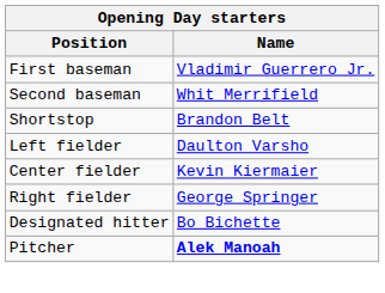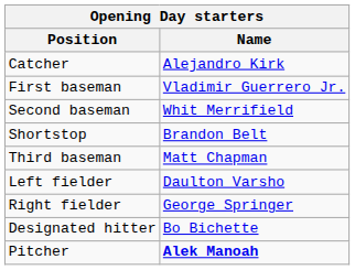 <table class="wikitable" style="text-align:left">
 <tr>
 <th colspan="2">Opening Day starters</th>
 </tr>
 <tr>
 <th>Position</th>
 <th>Name</th>
+</tr>
+<tr>
+<td>Catcher</td>
+<td><a href='#'>Alejandro Kirk</a></td>
 </tr>
 <tr>
 <td>First baseman</td>
 <td><a href='#'>Vladimir Guerrero Jr.</a></td>
 </tr>
 <tr>
 <td>Second baseman</td>
 <td><a href='#'>Whit Merrifield</a></td>
 </tr>
 <tr>
 <td>Shortstop</td>
 <td><a href='#'>Brandon Belt</a></td>
 </tr>
 <tr>
+<td>Third baseman</td>
+<td><a href='#'>Matt Chapman</a></td>
+</tr>
+<tr>
 <td>Left fielder</td>
 <td><a href='#'>Daulton Varsho</a></td>
-</tr>
-<tr>
-<td>Center fielder</td>
-<td><a href='#'>Kevin Kiermaier</a></td>
 </tr>
 <tr>
 <td>Right fielder</td>
 <td><a href='#'>George Springer</a></td>
 </tr>
 <tr>
 <td>Designated hitter</td>
 <td><a href='#'>Bo Bichette</a></td>
 </tr>
 <tr>
 <td>Pitcher</td>
 <td><strong><a href='#'>Alek Manoah</a></strong></td>
 </tr>
 </table>
